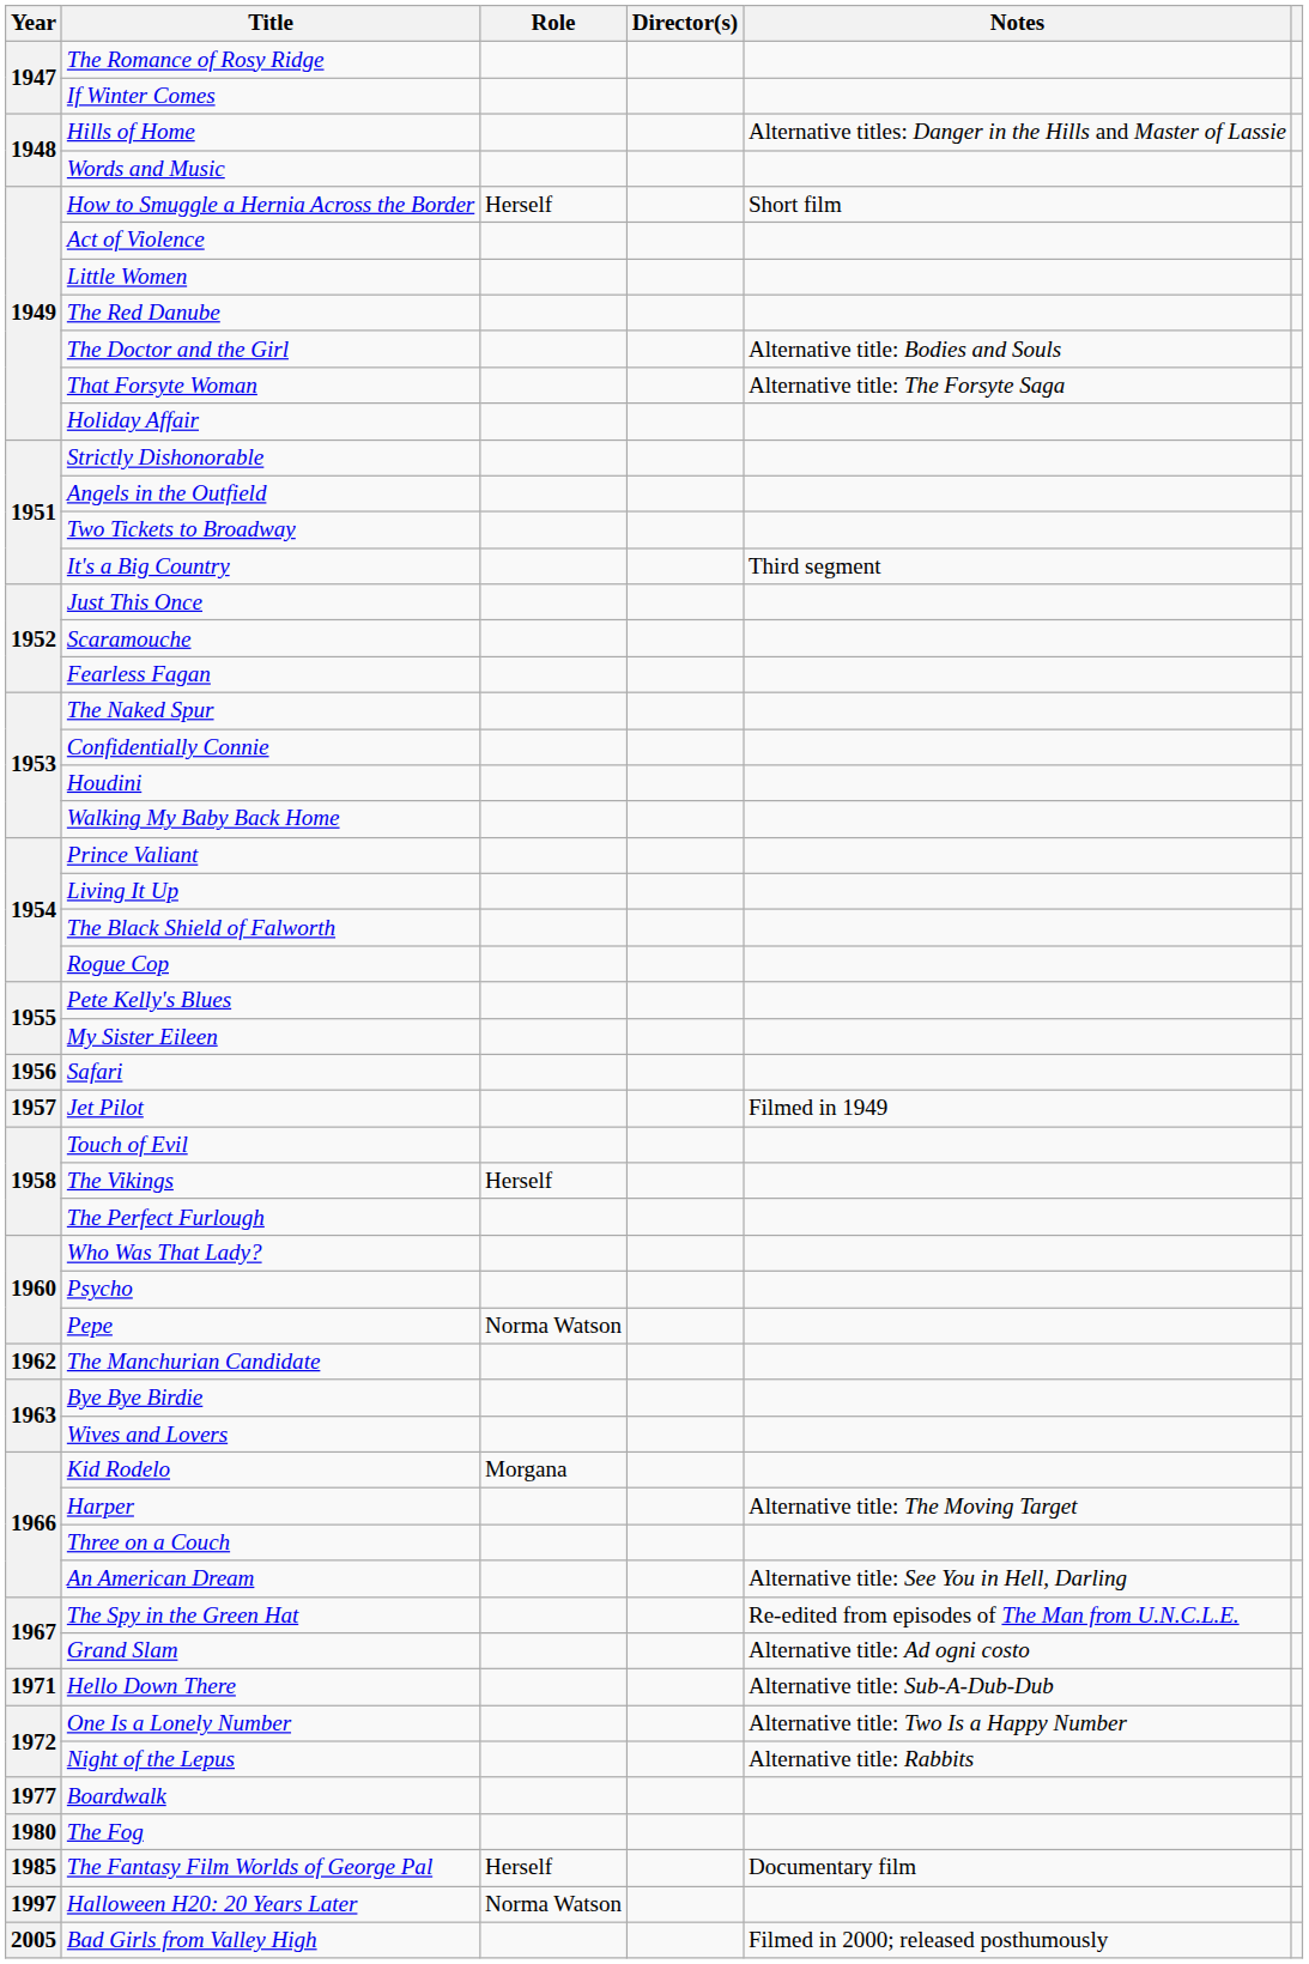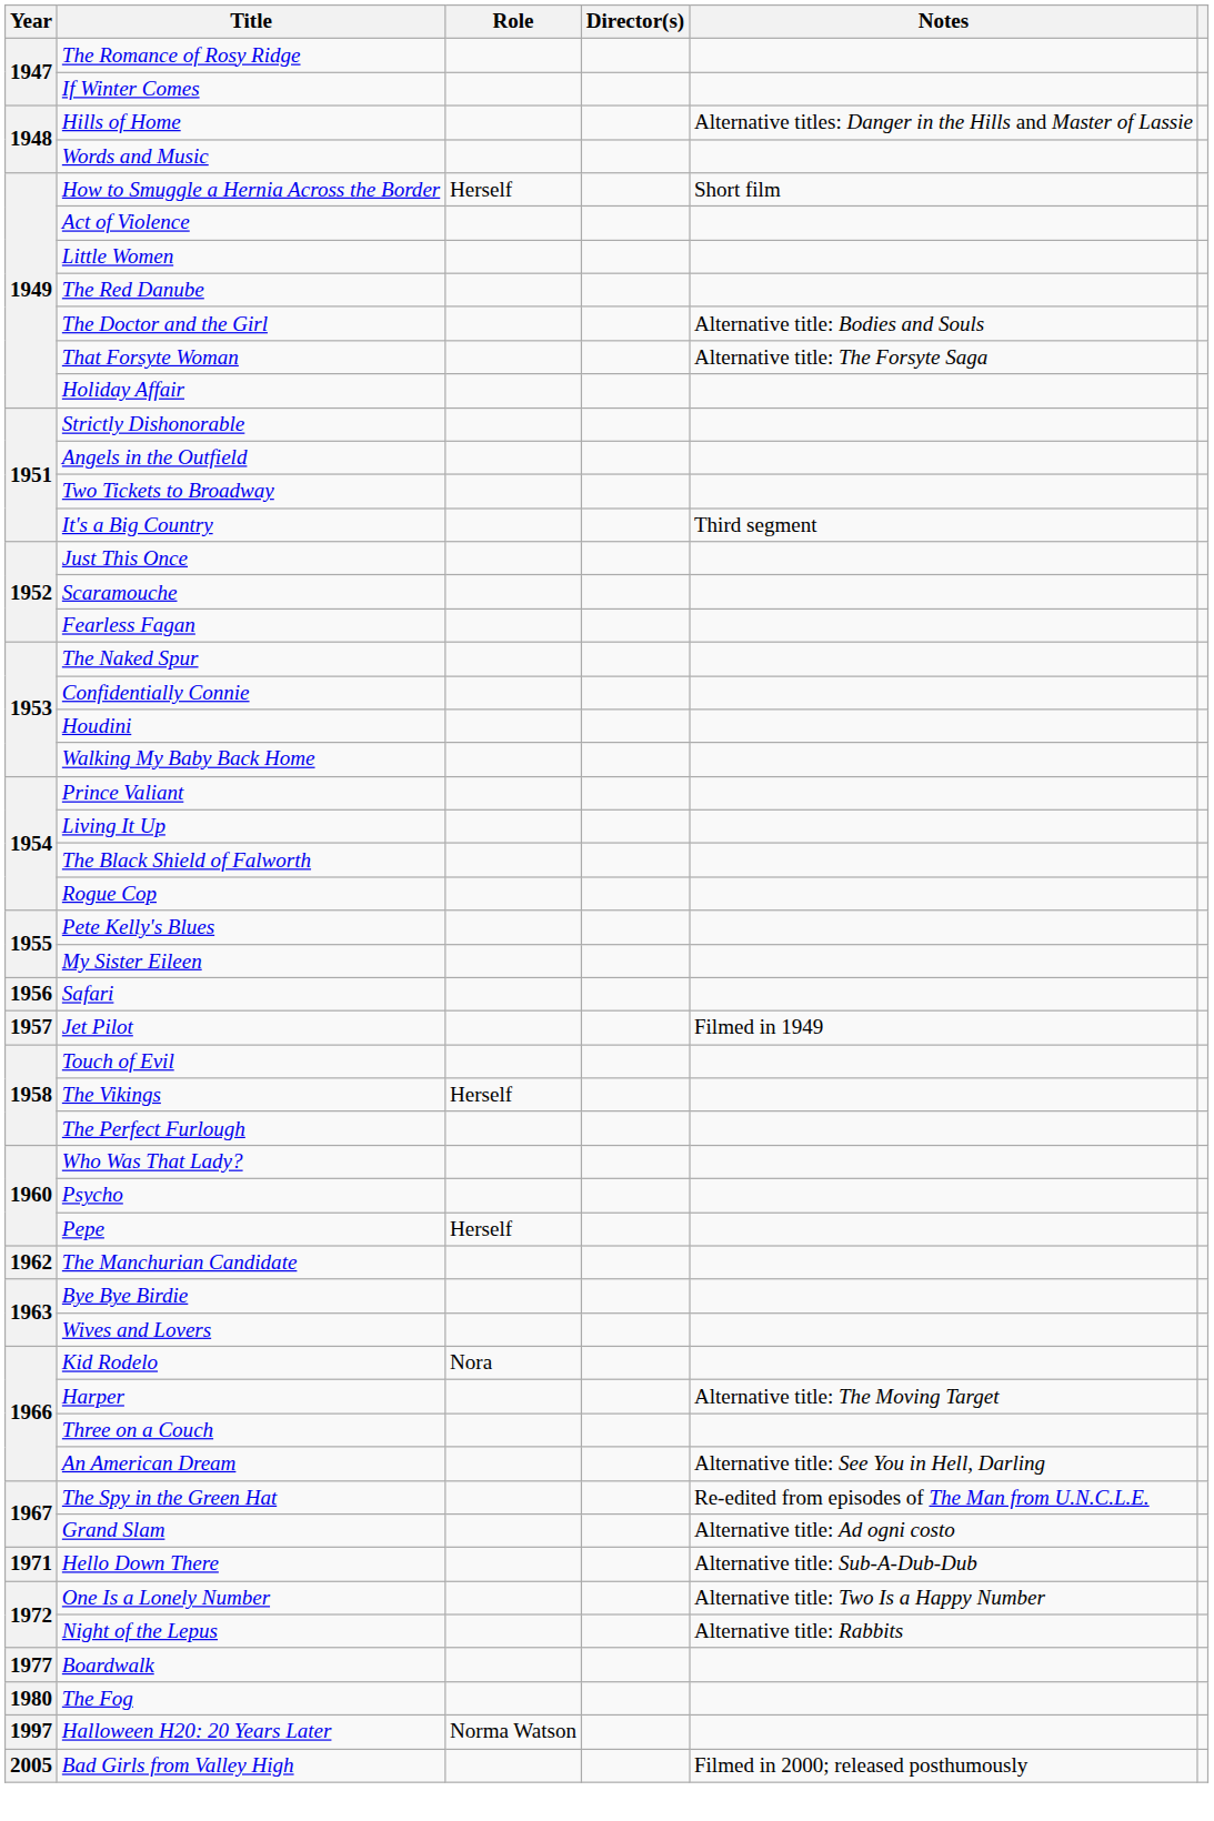 <table class="wikitable sortable plainrowheaders">
 <tr>
 <th>Year</th>
 <th>Title</th>
 <th>Role</th>
 <th>Director(s)</th>
 <th class="unsortable">Notes</th>
 <th class="unsortable"></th>
 </tr>
 <tr>
 <th rowspan="2" scope="row">1947</th>
 <td data-sort-value="Romance"><em><a href='#'>The Romance of Rosy Ridge</a></em></td>
 <td></td>
 <td></td>
 <td></td>
 <td style="text-align:center;"></td>
 </tr>
 <tr>
 <td><em><a href='#'>If Winter Comes</a></em></td>
 <td></td>
 <td></td>
 <td></td>
 <td align=center></td>
 </tr>
 <tr>
 <th rowspan="2" scope="row">1948</th>
 <td><em><a href='#'>Hills of Home</a></em></td>
 <td></td>
 <td></td>
 <td>Alternative titles: <em>Danger in the Hills</em> and <em>Master of Lassie</em></td>
 <td align=center></td>
 </tr>
 <tr>
 <td><em><a href='#'>Words and Music</a></em></td>
 <td></td>
 <td></td>
 <td></td>
 <td align=center></td>
 </tr>
 <tr>
 <th rowspan="7" scope="row">1949</th>
 <td><em><a href='#'>How to Smuggle a Hernia Across the Border</a></em></td>
 <td>Herself</td>
 <td></td>
 <td>Short film</td>
 <td align=center></td>
 </tr>
 <tr>
 <td><em><a href='#'>Act of Violence</a></em></td>
 <td></td>
 <td></td>
 <td></td>
 <td align=center></td>
 </tr>
 <tr>
 <td><em><a href='#'>Little Women</a></em></td>
 <td></td>
 <td></td>
 <td></td>
 <td align=center></td>
 </tr>
 <tr>
 <td data-sort-value="Red Danube"><em><a href='#'>The Red Danube</a></em></td>
 <td></td>
 <td></td>
 <td></td>
 <td align=center></td>
 </tr>
 <tr>
 <td data-sort-value="Doctor and Girl"><em><a href='#'>The Doctor and the Girl</a></em></td>
 <td></td>
 <td></td>
 <td>Alternative title: <em>Bodies and Souls</em></td>
 <td align=center></td>
 </tr>
 <tr>
 <td><em><a href='#'>That Forsyte Woman</a></em></td>
 <td></td>
 <td></td>
 <td>Alternative title: <em>The Forsyte Saga</em></td>
 <td align=center></td>
 </tr>
 <tr>
 <td><em><a href='#'>Holiday Affair</a></em></td>
 <td></td>
 <td></td>
 <td></td>
 <td align=center></td>
 </tr>
 <tr>
 <th rowspan="4" scope="row">1951</th>
 <td><em><a href='#'>Strictly Dishonorable</a></em></td>
 <td></td>
 <td></td>
 <td></td>
 <td align=center></td>
 </tr>
 <tr>
 <td><em><a href='#'>Angels in the Outfield</a></em></td>
 <td></td>
 <td></td>
 <td></td>
 <td align=center></td>
 </tr>
 <tr>
 <td><em><a href='#'>Two Tickets to Broadway</a></em></td>
 <td></td>
 <td></td>
 <td></td>
 <td align=center></td>
 </tr>
 <tr>
 <td><em><a href='#'>It's a Big Country</a></em></td>
 <td></td>
 <td></td>
 <td>Third segment</td>
 <td align=center></td>
 </tr>
 <tr>
 <th rowspan="3" scope="row">1952</th>
 <td><em><a href='#'>Just This Once</a></em></td>
 <td></td>
 <td></td>
 <td></td>
 <td align=center></td>
 </tr>
 <tr>
 <td><em><a href='#'>Scaramouche</a></em></td>
 <td></td>
 <td></td>
 <td></td>
 <td align=center></td>
 </tr>
 <tr>
 <td><em><a href='#'>Fearless Fagan</a></em></td>
 <td></td>
 <td></td>
 <td></td>
 <td align=center></td>
 </tr>
 <tr>
 <th rowspan="4" scope="row">1953</th>
 <td data-sort-value="Naked Spur"><em><a href='#'>The Naked Spur</a></em></td>
 <td></td>
 <td></td>
 <td></td>
 <td align=center></td>
 </tr>
 <tr>
 <td><em><a href='#'>Confidentially Connie</a></em></td>
 <td></td>
 <td></td>
 <td></td>
 <td align=center></td>
 </tr>
 <tr>
 <td><em><a href='#'>Houdini</a></em></td>
 <td></td>
 <td></td>
 <td></td>
 <td align=center></td>
 </tr>
 <tr>
 <td><em><a href='#'>Walking My Baby Back Home</a></em></td>
 <td></td>
 <td></td>
 <td></td>
 <td align=center></td>
 </tr>
 <tr>
 <th rowspan="4" scope="row">1954</th>
 <td><em><a href='#'>Prince Valiant</a></em></td>
 <td></td>
 <td></td>
 <td></td>
 <td align=center></td>
 </tr>
 <tr>
 <td><em><a href='#'>Living It Up</a></em></td>
 <td></td>
 <td></td>
 <td></td>
 <td align=center></td>
 </tr>
 <tr>
 <td data-sort-value="Black Shield"><em><a href='#'>The Black Shield of Falworth</a></em></td>
 <td></td>
 <td></td>
 <td></td>
 <td align=center></td>
 </tr>
 <tr>
 <td><em><a href='#'>Rogue Cop</a></em></td>
 <td></td>
 <td></td>
 <td></td>
 <td align=center></td>
 </tr>
 <tr>
 <th rowspan="2" scope="row">1955</th>
 <td><em><a href='#'>Pete Kelly's Blues</a></em></td>
 <td></td>
 <td></td>
 <td></td>
 <td align=center></td>
 </tr>
 <tr>
 <td><em><a href='#'>My Sister Eileen</a></em></td>
 <td></td>
 <td></td>
 <td></td>
 <td align=center></td>
 </tr>
 <tr>
 <th scope="row">1956</th>
 <td><em><a href='#'>Safari</a></em></td>
 <td></td>
 <td></td>
 <td></td>
 <td align=center></td>
 </tr>
 <tr>
 <th scope="row">1957</th>
 <td><em><a href='#'>Jet Pilot</a></em></td>
 <td></td>
 <td></td>
 <td>Filmed in 1949</td>
 <td align=center></td>
 </tr>
 <tr>
 <th rowspan="3" scope="row">1958</th>
 <td><em><a href='#'>Touch of Evil</a></em></td>
 <td></td>
 <td></td>
 <td></td>
 <td align=center></td>
 </tr>
 <tr>
 <td data-sort-value="Vikings"><em><a href='#'>The Vikings</a></em></td>
 <td>Herself</td>
 <td></td>
 <td></td>
 <td align=center></td>
 </tr>
 <tr>
 <td data-sort-value="Perfect"><em><a href='#'>The Perfect Furlough</a></em></td>
 <td></td>
 <td></td>
 <td></td>
 <td align=center></td>
 </tr>
 <tr>
 <th rowspan="3" scope="row">1960</th>
 <td><em><a href='#'>Who Was That Lady?</a></em></td>
 <td></td>
 <td></td>
 <td></td>
 <td align=center></td>
 </tr>
 <tr>
 <td><em><a href='#'>Psycho</a></em></td>
 <td></td>
 <td></td>
 <td></td>
 <td align=center></td>
 </tr>
 <tr>
 <td><em><a href='#'>Pepe</a></em></td>
-<td>Norma Watson</td>
+<td>Herself</td>
 <td></td>
 <td></td>
 <td align=center></td>
 </tr>
 <tr>
 <th scope="row">1962</th>
 <td data-sort-value="Manchurian"><em><a href='#'>The Manchurian Candidate</a></em></td>
 <td></td>
 <td></td>
 <td></td>
 <td align=center></td>
 </tr>
 <tr>
 <th rowspan="2" scope="row">1963</th>
 <td><em><a href='#'>Bye Bye Birdie</a></em></td>
 <td></td>
 <td></td>
 <td></td>
 <td align=center></td>
 </tr>
 <tr>
 <td><em><a href='#'>Wives and Lovers</a></em></td>
 <td></td>
 <td></td>
 <td></td>
 <td align=center></td>
 </tr>
 <tr>
 <th rowspan="4" scope="row">1966</th>
 <td><em><a href='#'>Kid Rodelo</a></em></td>
-<td>Morgana</td>
+<td>Nora</td>
 <td></td>
 <td></td>
 <td align=center></td>
 </tr>
 <tr>
 <td><em><a href='#'>Harper</a></em></td>
 <td></td>
 <td></td>
 <td>Alternative title: <em>The Moving Target</em></td>
 <td align=center></td>
 </tr>
 <tr>
 <td><em><a href='#'>Three on a Couch</a></em></td>
 <td></td>
 <td></td>
 <td></td>
 <td align=center></td>
 </tr>
 <tr>
 <td data-sort-value="American"><em><a href='#'>An American Dream</a></em></td>
 <td></td>
 <td></td>
 <td>Alternative title: <em>See You in Hell, Darling</em></td>
 <td align=center></td>
 </tr>
 <tr>
 <th rowspan="2" scope="row">1967</th>
 <td data-sort-value="Spy Green Hat'"><em><a href='#'>The Spy in the Green Hat</a></em></td>
 <td></td>
 <td></td>
 <td>Re-edited from episodes of <em><a href='#'>The Man from U.N.C.L.E.</a></em></td>
 <td align=center></td>
 </tr>
 <tr>
 <td><em><a href='#'>Grand Slam</a></em></td>
 <td></td>
 <td></td>
 <td>Alternative title: <em>Ad ogni costo</em></td>
 <td align=center></td>
 </tr>
 <tr>
 <th scope="row">1971</th>
 <td><em><a href='#'>Hello Down There</a></em></td>
 <td></td>
 <td></td>
 <td>Alternative title: <em>Sub-A-Dub-Dub</em></td>
 <td align=center></td>
 </tr>
 <tr>
 <th rowspan="2" scope="row">1972</th>
 <td><em><a href='#'>One Is a Lonely Number</a></em></td>
 <td></td>
 <td></td>
 <td>Alternative title: <em>Two Is a Happy Number</em></td>
 <td align=center></td>
 </tr>
 <tr>
 <td><em><a href='#'>Night of the Lepus</a></em></td>
 <td></td>
 <td></td>
 <td>Alternative title: <em>Rabbits</em></td>
 <td align=center></td>
 </tr>
 <tr>
 <th scope="row">1977</th>
 <td><em><a href='#'>Boardwalk</a></em></td>
 <td></td>
 <td></td>
 <td></td>
 <td align=center></td>
 </tr>
 <tr>
 <th scope="row">1980</th>
 <td data-sort-value="Fog"><em><a href='#'>The Fog</a></em></td>
 <td></td>
 <td></td>
 <td></td>
 <td align=center></td>
 </tr>
 <tr>
-<th scope="row">1985</th>
-<td data-sort-value="Fantasy Film Worlds"><em><a href='#'>The Fantasy Film Worlds of George Pal</a></em></td>
-<td>Herself</td>
-<td></td>
-<td>Documentary film</td>
-<td align=center></td>
-</tr>
-<tr>
 <th scope="row">1997</th>
 <td><em><a href='#'>Halloween H20: 20 Years Later</a></em></td>
 <td>Norma Watson</td>
 <td></td>
 <td></td>
 <td align=center></td>
 </tr>
 <tr>
 <th scope="row">2005</th>
 <td><em><a href='#'>Bad Girls from Valley High</a></em></td>
 <td></td>
 <td></td>
 <td>Filmed in 2000; released posthumously</td>
 <td align=center></td>
 </tr>
 </table>
